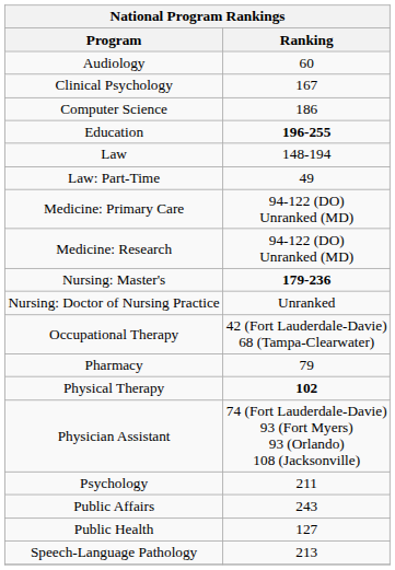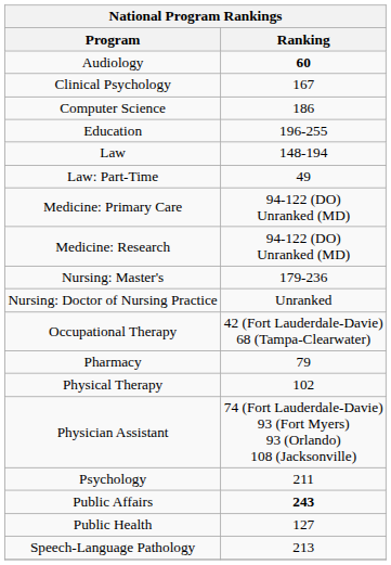 <table class="wikitable sortable collapsible collapsed" style="float:left; clear:left; text-align:center">
 <tr>
 <th colspan=4>National Program Rankings</th>
 </tr>
 <tr>
 <th>Program</th>
 <th>Ranking</th>
 </tr>
 <tr>
 <td>Audiology</td>
-<td>60</td>
+<td><strong>60</strong></td>
 </tr>
 <tr>
 <td>Clinical Psychology</td>
 <td>167</td>
 </tr>
 <tr>
 <td>Computer Science</td>
 <td>186</td>
 </tr>
 <tr>
 <td>Education</td>
-<td><strong>196-255</strong></td>
+<td>196-255</td>
 </tr>
 <tr>
 <td>Law</td>
 <td>148-194</td>
 </tr>
 <tr>
 <td>Law: Part-Time</td>
 <td>49</td>
 </tr>
 <tr>
 <td>Medicine: Primary Care</td>
 <td>94-122 (DO)<br>Unranked (MD)</td>
 </tr>
 <tr>
 <td>Medicine: Research</td>
 <td>94-122 (DO)<br>Unranked (MD)</td>
 </tr>
 <tr>
 <td>Nursing: Master's</td>
-<td><strong>179-236</strong></td>
+<td>179-236</td>
 </tr>
 <tr>
 <td>Nursing: Doctor of Nursing Practice</td>
 <td>Unranked</td>
 </tr>
 <tr>
 <td>Occupational Therapy</td>
 <td>42 (Fort Lauderdale-Davie)<br>68 (Tampa-Clearwater)</td>
 </tr>
 <tr>
 <td>Pharmacy</td>
 <td>79</td>
 </tr>
 <tr>
 <td>Physical Therapy</td>
-<td><strong>102</strong></td>
+<td>102</td>
 </tr>
 <tr>
 <td>Physician Assistant</td>
 <td>74 (Fort Lauderdale-Davie)<br>93 (Fort Myers)<br>93 (Orlando)<br>108 (Jacksonville)</td>
 </tr>
 <tr>
 <td>Psychology</td>
 <td>211</td>
 </tr>
 <tr>
 <td>Public Affairs</td>
-<td>243</td>
+<td><strong>243</strong></td>
 </tr>
 <tr>
 <td>Public Health</td>
 <td>127</td>
 </tr>
 <tr>
 <td>Speech-Language Pathology</td>
 <td>213</td>
 </tr>
 <tr>
 </tr>
 </table>
